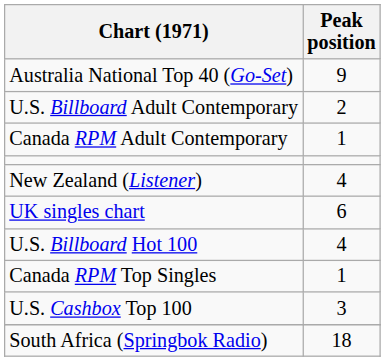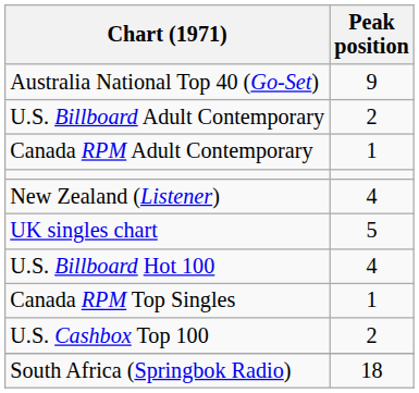 <table class="wikitable sortable">
 <tr>
 <th align="left">Chart (1971)</th>
 <th align="left">Peak<br>position</th>
 </tr>
 <tr>
 <td align="left">Australia National Top 40 (<em><a href='#'>Go-Set</a></em>)</td>
 <td style="text-align:center;">9</td>
 </tr>
 <tr>
 <td align="left">U.S. <em><a href='#'>Billboard</a></em> Adult Contemporary</td>
 <td style="text-align:center;">2</td>
 </tr>
 <tr>
 <td>Canada <em><a href='#'>RPM</a></em> Adult Contemporary</td>
 <td style="text-align:center;">1</td>
 </tr>
 <tr>
 <td></td>
 </tr>
 <tr>
 <td align="left">New Zealand (<em><a href='#'>Listener</a></em>)</td>
 <td style="text-align:center;">4</td>
 </tr>
 <tr>
 <td align="left"><a href='#'>UK singles chart</a></td>
-<td style="text-align:center;">6</td>
+<td style="text-align:center;">5</td>
 </tr>
 <tr>
 <td align="left">U.S. <em><a href='#'>Billboard</a></em> <a href='#'>Hot 100</a></td>
 <td style="text-align:center;">4</td>
 </tr>
 <tr>
 <td align="left">Canada <a href='#'><em>RPM</em></a> Top Singles</td>
 <td style="text-align:center;">1</td>
 </tr>
 <tr>
 <td align="left">U.S. <em><a href='#'>Cashbox</a></em> Top 100</td>
-<td style="text-align:center;">3</td>
+<td style="text-align:center;">2</td>
 </tr>
 <tr>
 </tr>
 <tr>
 </tr>
 <tr>
 </tr>
 <tr>
 <td align="left">South Africa (<a href='#'>Springbok Radio</a>)</td>
 <td style="text-align:center;">18</td>
 </tr>
 </table>
